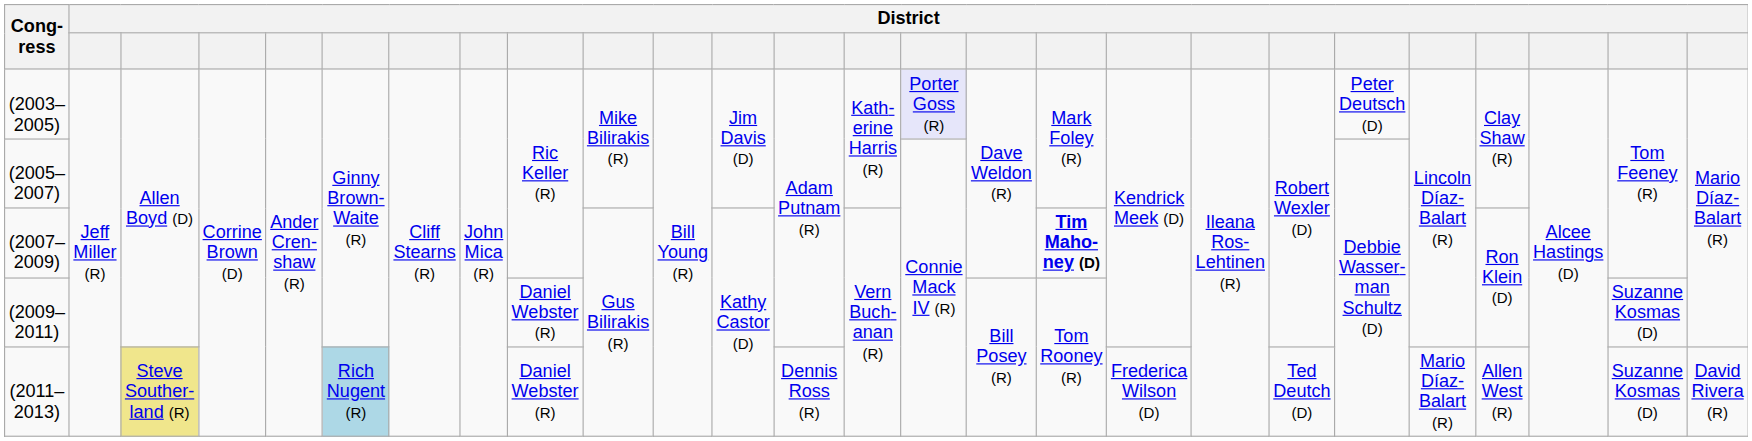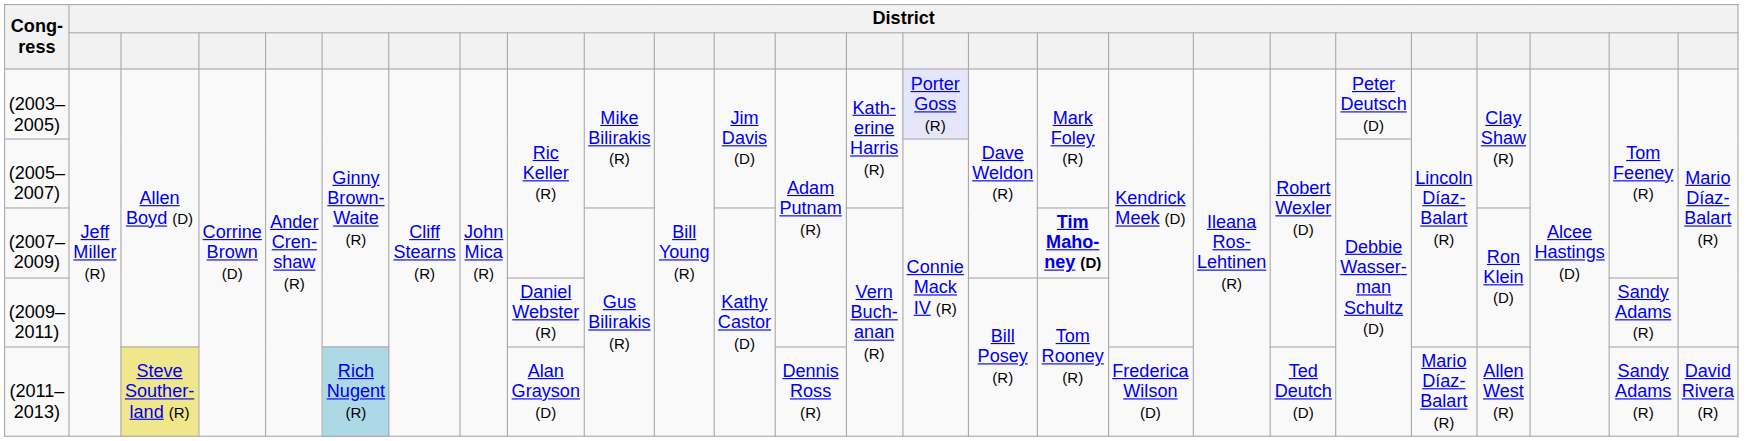 <table class=wikitable style="text-align:center">
 <tr>
 <th rowspan=2>Cong­ress</th>
 <th colspan=25>District</th>
 </tr>
 <tr style="height:2em">
 <th></th>
 <th></th>
 <th></th>
 <th></th>
 <th></th>
 <th></th>
 <th></th>
 <th></th>
 <th></th>
 <th></th>
 <th></th>
 <th></th>
 <th></th>
 <th></th>
 <th></th>
 <th></th>
 <th></th>
 <th></th>
 <th></th>
 <th></th>
 <th></th>
 <th></th>
 <th></th>
 <th></th>
 <th></th>
 </tr>
 <tr style="height:2em">
 <td><strong></strong><br>(2003–2005)</td>
 <td rowspan=5 ><a href='#'>Jeff Miller</a> <small>(R)</small></td>
 <td rowspan=4 ><a href='#'>Allen Boyd</a> <small>(D)</small></td>
 <td rowspan=5 ><a href='#'>Corrine Brown</a> <small>(D)</small></td>
 <td rowspan=5 ><a href='#'>Ander Cren­shaw</a> <small>(R)</small></td>
 <td rowspan=4 ><a href='#'>Ginny Brown-Waite</a> <small>(R)</small></td>
 <td rowspan=5 ><a href='#'>Cliff Stearns</a> <small>(R)</small></td>
 <td rowspan=5 ><a href='#'>John Mica</a> <small>(R)</small></td>
 <td rowspan=3 ><a href='#'>Ric Keller</a> <small>(R)</small></td>
 <td rowspan=2 ><a href='#'>Mike Bilirakis</a> <small>(R)</small></td>
 <td rowspan=5 ><a href='#'>Bill Young</a> <small>(R)</small></td>
 <td rowspan=2 ><a href='#'>Jim Davis</a> <small>(D)</small></td>
 <td rowspan=4 ><a href='#'>Adam Putnam</a> <small>(R)</small></td>
 <td rowspan=2 ><a href='#'>Kath­erine Harris</a> <small>(R)</small></td>
 <td style="background: lavender;"><a href='#'>Porter Goss</a> <small>(R)</small></td>
 <td rowspan=3 ><a href='#'>Dave Weldon</a> <small>(R)</small></td>
 <td rowspan=2 ><a href='#'>Mark Foley</a> <small>(R)</small></td>
 <td rowspan=4 ><a href='#'>Kendrick Meek</a> <small>(D)</small></td>
 <td rowspan=5 ><a href='#'>Ileana Ros-Lehtinen</a> <small>(R)</small></td>
 <td rowspan=4 ><a href='#'>Robert Wexler</a> <small>(D)</small></td>
 <td><a href='#'>Peter Deutsch</a> <small>(D)</small></td>
 <td rowspan=4 ><a href='#'>Lincoln Díaz-Balart</a> <small>(R)</small></td>
 <td rowspan=2 ><a href='#'>Clay Shaw</a> <small>(R)</small></td>
 <td rowspan=5 ><a href='#'>Alcee Hastings</a> <small>(D)</small></td>
 <td rowspan=3 ><a href='#'>Tom Feeney</a> <small>(R)</small></td>
 <td rowspan=4 ><a href='#'>Mario Díaz-Balart</a> <small>(R)</small></td>
 </tr>
 <tr style="height:2em">
 <td><strong></strong><br>(2005–2007)</td>
 <td rowspan=4 ><a href='#'>Connie Mack IV</a> <small>(R)</small></td>
 <td rowspan=4 ><a href='#'>Debbie Wasser­man Schultz</a> <small>(D)</small></td>
 </tr>
 <tr style="height:2em">
 <td><strong></strong><br>(2007–2009)</td>
 <td rowspan=3 ><a href='#'>Gus Bilirakis</a> <small>(R)</small></td>
 <td rowspan=3 ><a href='#'>Kathy Castor</a> <small>(D)</small></td>
 <td rowspan=3 ><a href='#'>Vern Buch­anan</a> <small>(R)</small></td>
 <td><strong><a href='#'>Tim Maho­ney</a> <small>(D)</small></strong></td>
 <td rowspan=2 ><a href='#'>Ron Klein</a> <small>(D)</small></td>
 </tr>
 <tr style="height:2em">
 <td><strong></strong><br>(2009–2011)</td>
 <td><a href='#'>Daniel Webster</a> <small>(R)</small></td>
 <td rowspan=2 ><a href='#'>Bill Posey</a> <small>(R)</small></td>
 <td rowspan=2 ><a href='#'>Tom Rooney</a> <small>(R)</small></td>
-<td><a href='#'>Suzanne Kosmas</a> <small>(D)</small></td>
+<td><a href='#'>Sandy Adams</a> <small>(R)</small></td>
 </tr>
 <tr style="height:2em">
 <td><strong></strong><br>(2011–2013)</td>
 <td style="background: khaki;"><a href='#'>Steve Souther­land</a> <small>(R)</small></td>
 <td style="background: lightblue;"><a href='#'>Rich Nugent</a> <small>(R)</small></td>
-<td><a href='#'>Daniel Webster</a> <small>(R)</small></td>
+<td><a href='#'>Alan Grayson</a> <small>(D)</small></td>
 <td><a href='#'>Dennis Ross</a> <small>(R)</small></td>
 <td><a href='#'>Frederica Wilson</a> <small>(D)</small></td>
 <td><a href='#'>Ted Deutch</a> <small>(D)</small></td>
 <td><a href='#'>Mario Díaz-Balart</a> <small>(R)</small></td>
 <td><a href='#'>Allen West</a> <small>(R)</small></td>
-<td><a href='#'>Suzanne Kosmas</a> <small>(D)</small></td>
+<td><a href='#'>Sandy Adams</a> <small>(R)</small></td>
 <td><a href='#'>David Rivera</a> <small>(R)</small></td>
 </tr>
 </table>
